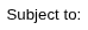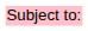 <table>
 <tr>
 <td colspan="2"></td>
 </tr>
 <tr>
-<td>Subject to:</td>
+<td style="background: pink;">Subject to:</td>
 <td></td>
 </tr>
 <tr>
 <td></td>
 <td></td>
 </tr>
 <tr>
 <td></td>
 <td></td>
 </tr>
 </table>
